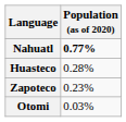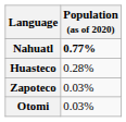 <table class="wikitable sortable floatright" style="margin-left:1em; font-size: 90%; display: inline-table">
 <tr>
 <th scope="col">Language</th>
 <th scope="col">Population<br><small>(as of 2020)</small></th>
 </tr>
 <tr>
 <th scope="row">Nahuatl</th>
 <td><strong>0.77%</strong></td>
 </tr>
 <tr>
 <th scope="row">Huasteco</th>
 <td>0.28%</td>
 </tr>
 <tr>
 <th scope="row">Zapoteco</th>
-<td>0.23%</td>
+<td>0.03%</td>
 </tr>
 <tr>
 <th scope="row">Otomi</th>
 <td>0.03%</td>
 </tr>
 </table>
